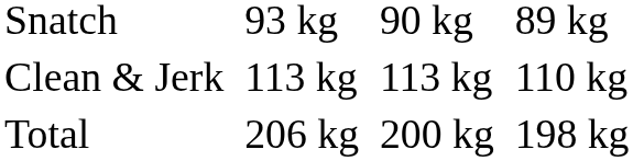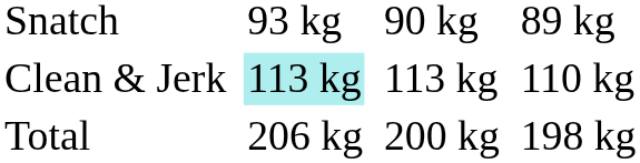 <table>
 <tr>
 <td>Snatch</td>
 <td></td>
 <td>93 kg</td>
 <td></td>
 <td>90 kg</td>
 <td></td>
 <td>89 kg</td>
 </tr>
 <tr>
 <td>Clean & Jerk</td>
 <td></td>
-<td>113 kg</td>
+<td style="background: paleturquoise;">113 kg</td>
 <td></td>
 <td>113 kg</td>
 <td></td>
 <td>110 kg</td>
 </tr>
 <tr>
 <td>Total</td>
 <td></td>
 <td>206 kg</td>
 <td></td>
 <td>200 kg</td>
 <td></td>
 <td>198 kg</td>
 </tr>
 </table>
